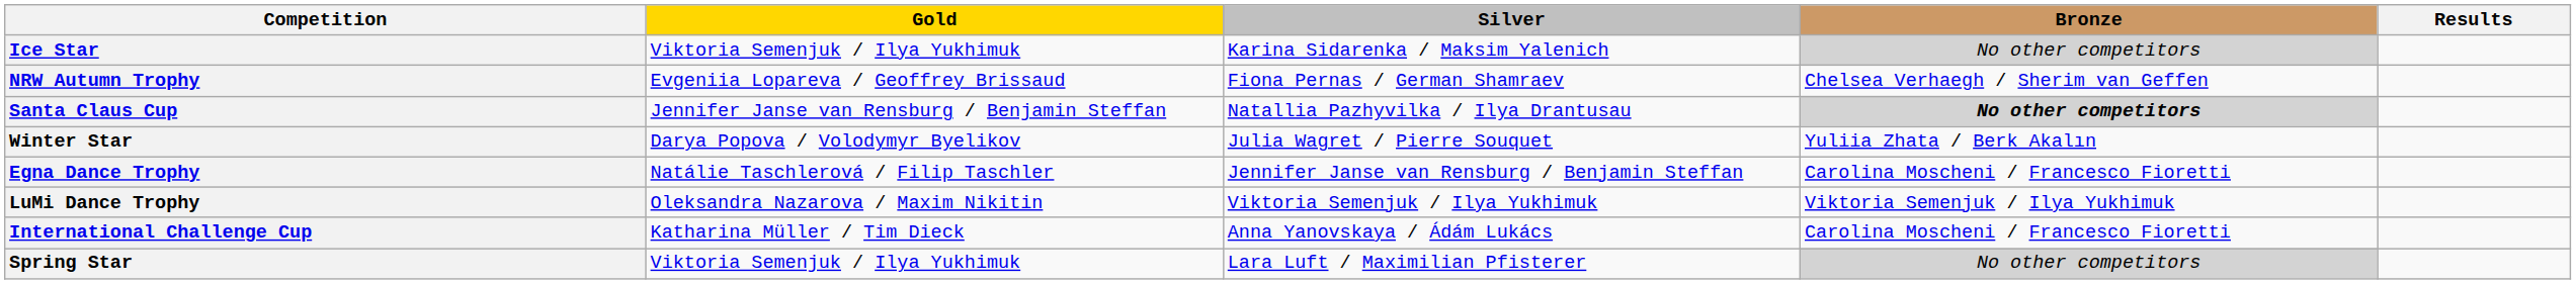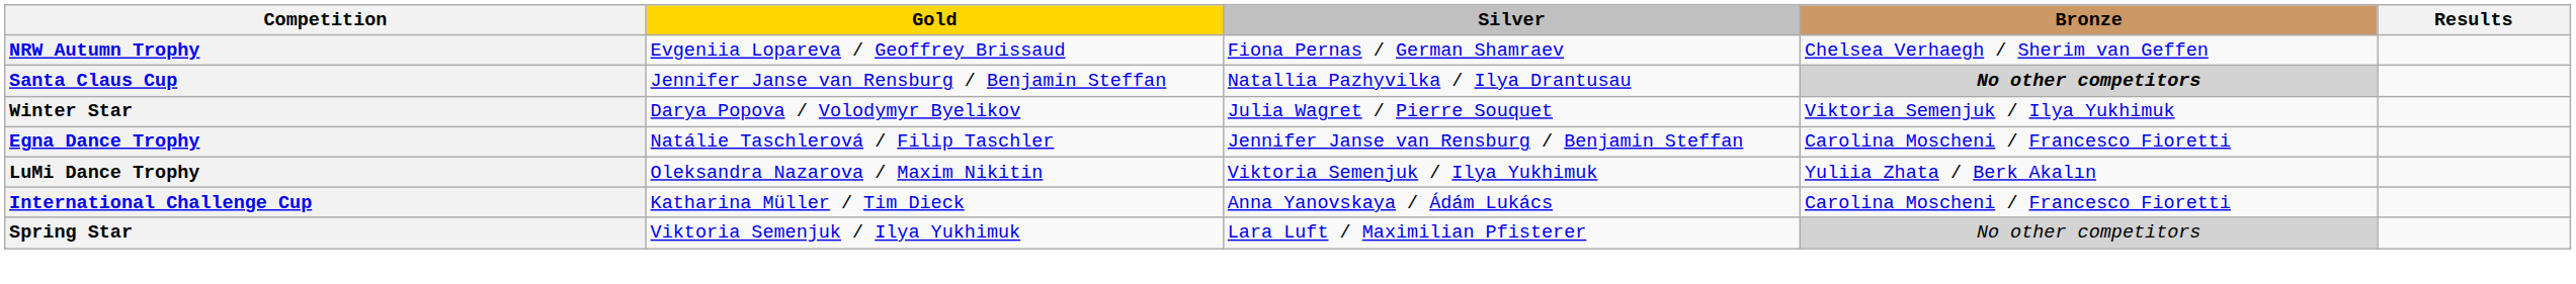 <table class="wikitable unsortable" style="text-align:left; width:90%;">
 <tr>
 <th scope="col" style="text-align:center; width:25%;">Competition</th>
 <td scope="col" style="text-align:center; width:22.5%; background:gold"><strong>Gold</strong></td>
 <td scope="col" style="text-align:center; width:22.5%; background:silver"><strong>Silver</strong></td>
 <td scope="col" style="text-align:center; width:22.5%; background:#c96"><strong>Bronze</strong></td>
 <th scope="col" style="text-align:center; width:7.5%;">Results</th>
-</tr>
-<tr>
-<th scope="row" style="text-align:left"> <a href='#'>Ice Star</a></th>
-<td> <a href='#'>Viktoria Semenjuk</a> / <a href='#'>Ilya Yukhimuk</a></td>
-<td> <a href='#'>Karina Sidarenka</a> / <a href='#'>Maksim Yalenich</a></td>
-<td bgcolor="lightgray" align="center"><em>No other competitors</em></td>
-<td></td>
 </tr>
 <tr>
 <th scope="row" style="text-align:left"> <a href='#'>NRW Autumn Trophy</a></th>
 <td> <a href='#'>Evgeniia Lopareva</a> / <a href='#'>Geoffrey Brissaud</a></td>
 <td> <a href='#'>Fiona Pernas</a> / <a href='#'>German Shamraev</a></td>
 <td> <a href='#'>Chelsea Verhaegh</a> / <a href='#'>Sherim van Geffen</a></td>
 <td></td>
 </tr>
 <tr>
 <th scope="row" style="text-align:left"> <a href='#'>Santa Claus Cup</a></th>
 <td> <a href='#'>Jennifer Janse van Rensburg</a> / <a href='#'>Benjamin Steffan</a></td>
 <td> <a href='#'>Natallia Pazhyvilka</a> / <a href='#'>Ilya Drantusau</a></td>
 <td bgcolor="lightgray" align="center"><strong><em>No other competitors</em></strong></td>
 <td></td>
 </tr>
 <tr>
 <th scope="row" style="text-align:left"> Winter Star</th>
 <td> <a href='#'>Darya Popova</a> / <a href='#'>Volodymyr Byelikov</a></td>
 <td> <a href='#'>Julia Wagret</a> / <a href='#'>Pierre Souquet</a></td>
-<td> <a href='#'>Yuliia Zhata</a> / <a href='#'>Berk Akalın</a></td>
+<td> <a href='#'>Viktoria Semenjuk</a> / <a href='#'>Ilya Yukhimuk</a></td>
 <td></td>
 </tr>
 <tr>
 <th scope="row" style="text-align:left"> <a href='#'>Egna Dance Trophy</a></th>
 <td> <a href='#'>Natálie Taschlerová</a> / <a href='#'>Filip Taschler</a></td>
 <td> <a href='#'>Jennifer Janse van Rensburg</a> / <a href='#'>Benjamin Steffan</a></td>
 <td> <a href='#'>Carolina Moscheni</a> / <a href='#'>Francesco Fioretti</a></td>
 <td></td>
 </tr>
 <tr>
 <th scope="row" style="text-align:left"> LuMi Dance Trophy</th>
 <td> <a href='#'>Oleksandra Nazarova</a> / <a href='#'>Maxim Nikitin</a></td>
 <td> <a href='#'>Viktoria Semenjuk</a> / <a href='#'>Ilya Yukhimuk</a></td>
-<td> <a href='#'>Viktoria Semenjuk</a> / <a href='#'>Ilya Yukhimuk</a></td>
+<td> <a href='#'>Yuliia Zhata</a> / <a href='#'>Berk Akalın</a></td>
 <td></td>
 </tr>
 <tr>
 <th scope="row" style="text-align:left"> <a href='#'>International Challenge Cup</a></th>
 <td> <a href='#'>Katharina Müller</a> / <a href='#'>Tim Dieck</a></td>
 <td> <a href='#'>Anna Yanovskaya</a> / <a href='#'>Ádám Lukács</a></td>
 <td> <a href='#'>Carolina Moscheni</a> / <a href='#'>Francesco Fioretti</a></td>
 <td></td>
 </tr>
 <tr>
 <th scope="row" style="text-align:left"> Spring Star</th>
 <td> <a href='#'>Viktoria Semenjuk</a> / <a href='#'>Ilya Yukhimuk</a></td>
 <td> <a href='#'>Lara Luft</a> / <a href='#'>Maximilian Pfisterer</a></td>
 <td bgcolor="lightgray" align="center"><em>No other competitors</em></td>
 <td></td>
 </tr>
 </table>
